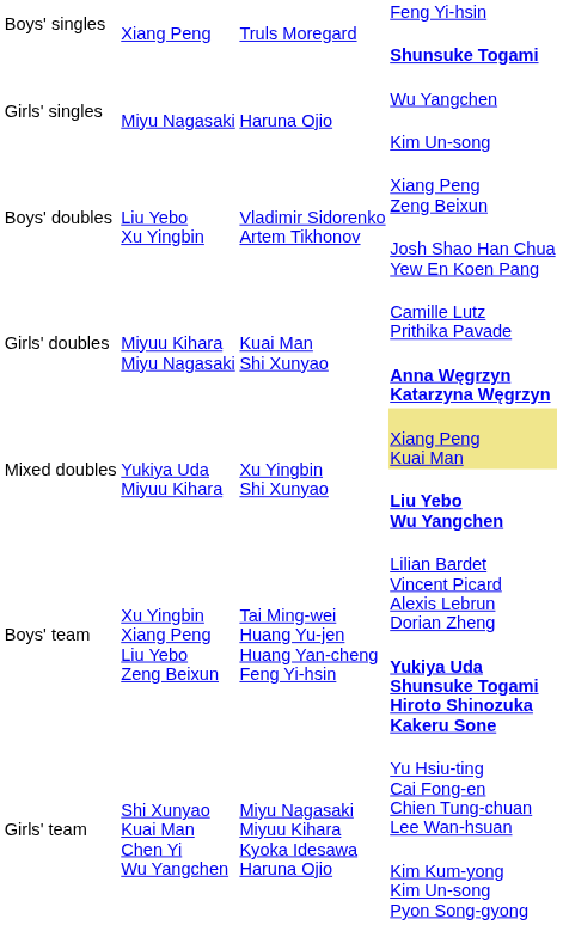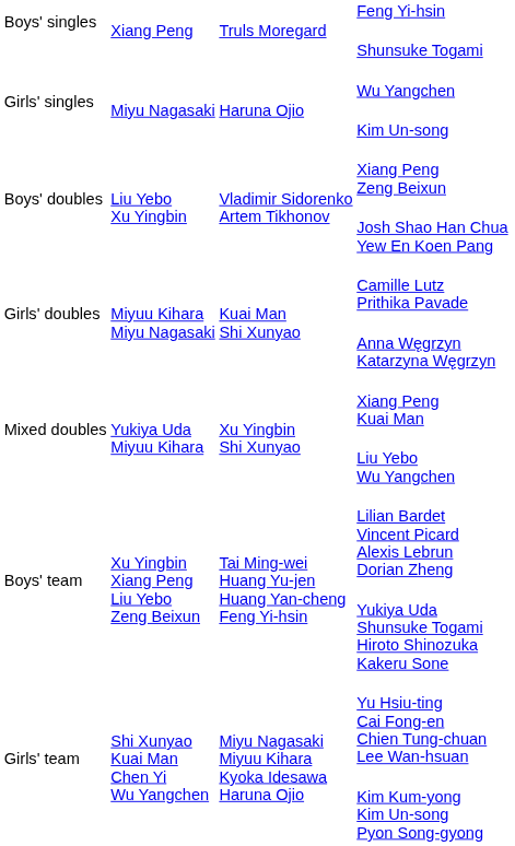 <table>
 <tr>
 <td rowspan=2>Boys' singles</td>
 <td rowspan=2><br><a href='#'>Xiang Peng</a></td>
 <td rowspan=2><br><a href='#'>Truls Moregard</a></td>
 <td><br><a href='#'>Feng Yi-hsin</a></td>
 </tr>
 <tr>
-<td><strong><br><a href='#'>Shunsuke Togami</a></strong></td>
+<td><br><a href='#'>Shunsuke Togami</a></td>
 </tr>
 <tr>
 <td rowspan=2>Girls' singles</td>
 <td rowspan=2><br><a href='#'>Miyu Nagasaki</a></td>
 <td rowspan=2><br><a href='#'>Haruna Ojio</a></td>
 <td><br><a href='#'>Wu Yangchen</a></td>
 </tr>
 <tr>
 <td><br><a href='#'>Kim Un-song</a></td>
 </tr>
 <tr>
 <td rowspan=2>Boys' doubles</td>
 <td rowspan=2><br><a href='#'>Liu Yebo</a><br><a href='#'>Xu Yingbin</a></td>
 <td rowspan=2><br><a href='#'>Vladimir Sidorenko</a><br><a href='#'>Artem Tikhonov</a></td>
 <td><br><a href='#'>Xiang Peng</a><br><a href='#'>Zeng Beixun</a></td>
 </tr>
 <tr>
 <td><br><a href='#'>Josh Shao Han Chua</a><br><a href='#'>Yew En Koen Pang</a></td>
 </tr>
 <tr>
 <td rowspan=2>Girls' doubles</td>
 <td rowspan=2><br><a href='#'>Miyuu Kihara</a><br><a href='#'>Miyu Nagasaki</a></td>
 <td rowspan=2><br><a href='#'>Kuai Man</a><br><a href='#'>Shi Xunyao</a></td>
 <td><br><a href='#'>Camille Lutz</a><br><a href='#'>Prithika Pavade</a></td>
 </tr>
 <tr>
-<td><strong><br><a href='#'>Anna Węgrzyn</a><br><a href='#'>Katarzyna Węgrzyn</a></strong></td>
+<td><br><a href='#'>Anna Węgrzyn</a><br><a href='#'>Katarzyna Węgrzyn</a></td>
 </tr>
 <tr>
 <td rowspan=2>Mixed doubles</td>
 <td rowspan=2><br><a href='#'>Yukiya Uda</a><br><a href='#'>Miyuu Kihara</a></td>
 <td rowspan=2><br><a href='#'>Xu Yingbin</a><br><a href='#'>Shi Xunyao</a></td>
-<td style="background: khaki;"><br><a href='#'>Xiang Peng</a><br><a href='#'>Kuai Man</a></td>
+<td><br><a href='#'>Xiang Peng</a><br><a href='#'>Kuai Man</a></td>
 </tr>
 <tr>
-<td><strong><br><a href='#'>Liu Yebo</a><br><a href='#'>Wu Yangchen</a></strong></td>
+<td><br><a href='#'>Liu Yebo</a><br><a href='#'>Wu Yangchen</a></td>
 </tr>
 <tr>
 <td rowspan=2>Boys' team</td>
 <td rowspan=2><br><a href='#'>Xu Yingbin</a><br><a href='#'>Xiang Peng</a><br><a href='#'>Liu Yebo</a><br><a href='#'>Zeng Beixun</a></td>
 <td rowspan=2><br><a href='#'>Tai Ming-wei</a><br><a href='#'>Huang Yu-jen</a><br><a href='#'>Huang Yan-cheng</a><br><a href='#'>Feng Yi-hsin</a></td>
 <td><br><a href='#'>Lilian Bardet</a><br><a href='#'>Vincent Picard</a><br><a href='#'>Alexis Lebrun</a><br><a href='#'>Dorian Zheng</a></td>
 </tr>
 <tr>
-<td><strong><br><a href='#'>Yukiya Uda</a><br><a href='#'>Shunsuke Togami</a><br><a href='#'>Hiroto Shinozuka</a><br><a href='#'>Kakeru Sone</a></strong></td>
+<td><br><a href='#'>Yukiya Uda</a><br><a href='#'>Shunsuke Togami</a><br><a href='#'>Hiroto Shinozuka</a><br><a href='#'>Kakeru Sone</a></td>
 </tr>
 <tr>
 <td rowspan=2>Girls' team</td>
 <td rowspan=2><br><a href='#'>Shi Xunyao</a><br><a href='#'>Kuai Man</a><br><a href='#'>Chen Yi</a><br><a href='#'>Wu Yangchen</a></td>
 <td rowspan=2><br><a href='#'>Miyu Nagasaki</a><br><a href='#'>Miyuu Kihara</a><br><a href='#'>Kyoka Idesawa</a><br><a href='#'>Haruna Ojio</a></td>
 <td><br><a href='#'>Yu Hsiu-ting</a><br><a href='#'>Cai Fong-en</a><br><a href='#'>Chien Tung-chuan</a><br><a href='#'>Lee Wan-hsuan</a></td>
 </tr>
 <tr>
 <td><br><a href='#'>Kim Kum-yong</a><br><a href='#'>Kim Un-song</a><br><a href='#'>Pyon Song-gyong</a></td>
 </tr>
 </table>
